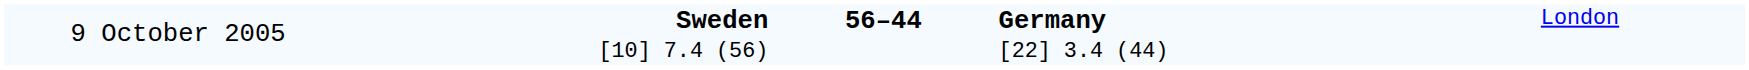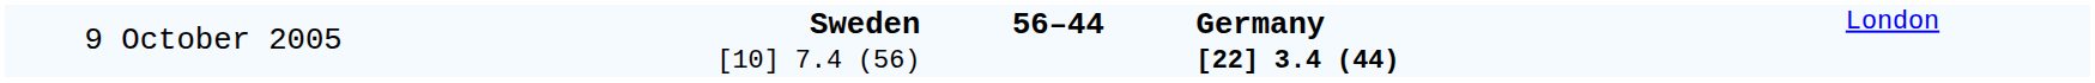 <table style="width: 100%; background:#F5FAFF;" cellspacing="0">
 <tr>
 <td align=center rowspan=3 width=20%>9 October 2005</td>
 </tr>
 <tr>
 <td width=24% align=right><strong>Sweden</strong></td>
 <td align=center width=13%><strong>56–44</strong></td>
 <td width=24%><strong>Germany</strong></td>
 <td style=font-size:85% rowspan=3 valign=top align=center><a href='#'>London</a></td>
 </tr>
 <tr style=font-size:85%>
 <td align=right>[10] 7.4 (56)</td>
 <td></td>
-<td>[22] 3.4 (44)</td>
+<td><strong>[22] 3.4 (44)</strong></td>
 </tr>
 </table>
